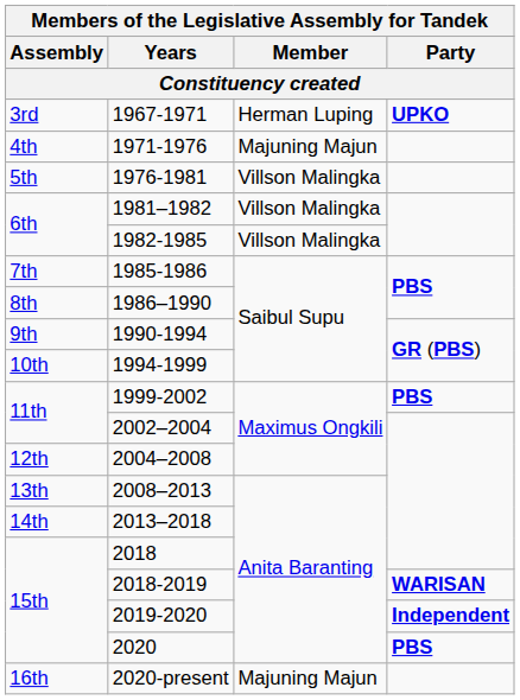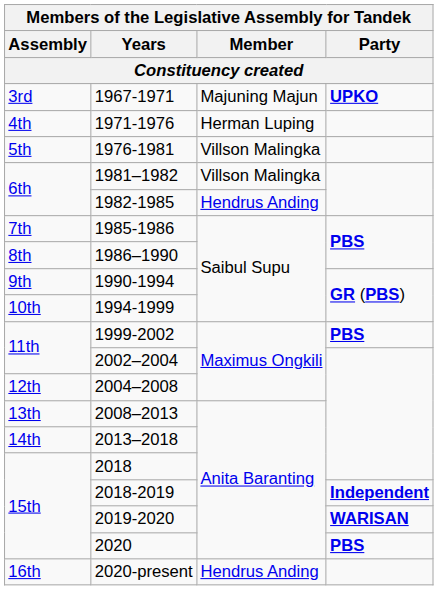 <table class="wikitable">
 <tr>
 <th colspan="4">Members of the Legislative Assembly for Tandek</th>
 </tr>
 <tr>
 <th>Assembly</th>
 <th>Years</th>
 <th>Member</th>
 <th>Party</th>
 </tr>
 <tr>
 <th colspan="4" align="center"><em>Constituency created</em></th>
 </tr>
 <tr>
 <td><a href='#'>3rd</a></td>
 <td>1967-1971</td>
-<td>Herman Luping</td>
+<td>Majuning Majun</td>
 <td><strong><a href='#'>UPKO</a></strong></td>
 </tr>
 <tr>
 <td><a href='#'>4th</a></td>
 <td>1971-1976</td>
-<td>Majuning Majun</td>
+<td>Herman Luping</td>
 <td></td>
 </tr>
 <tr>
 <td><a href='#'>5th</a></td>
 <td>1976-1981</td>
 <td>Villson Malingka</td>
 <td></td>
 </tr>
 <tr>
 <td rowspan="2"><a href='#'>6th</a></td>
 <td>1981–1982</td>
 <td>Villson Malingka</td>
 <td rowspan="2"></td>
 </tr>
 <tr>
 <td>1982-1985</td>
-<td>Villson Malingka</td>
+<td><a href='#'>Hendrus Anding</a></td>
 </tr>
 <tr>
 <td><a href='#'>7th</a></td>
 <td>1985-1986</td>
 <td rowspan="4">Saibul Supu</td>
 <td rowspan="2"><strong><a href='#'>PBS</a></strong></td>
 </tr>
 <tr>
 <td><a href='#'>8th</a></td>
 <td>1986–1990</td>
 </tr>
 <tr>
 <td><a href='#'>9th</a></td>
 <td>1990-1994</td>
 <td rowspan="2"><strong><a href='#'>GR</a></strong> (<strong><a href='#'>PBS</a></strong>)</td>
 </tr>
 <tr>
 <td><a href='#'>10th</a></td>
 <td>1994-1999</td>
 </tr>
 <tr>
 <td rowspan=2><a href='#'>11th</a></td>
 <td>1999-2002</td>
 <td rowspan="3"><a href='#'>Maximus Ongkili</a></td>
 <td><strong><a href='#'>PBS</a></strong></td>
 </tr>
 <tr>
 <td>2002–2004</td>
 <td rowspan="5"></td>
 </tr>
 <tr>
 <td><a href='#'>12th</a></td>
 <td>2004–2008</td>
 </tr>
 <tr>
 <td><a href='#'>13th</a></td>
 <td>2008–2013</td>
 <td rowspan="6"><a href='#'>Anita Baranting</a></td>
 </tr>
 <tr>
 <td><a href='#'>14th</a></td>
 <td>2013–2018</td>
 </tr>
 <tr>
 <td rowspan="4"><a href='#'>15th</a></td>
 <td>2018</td>
 </tr>
 <tr>
 <td>2018-2019</td>
-<td><strong><a href='#'>WARISAN</a></strong></td>
+<td><strong><a href='#'>Independent</a></strong></td>
 </tr>
 <tr>
 <td>2019-2020</td>
-<td><strong><a href='#'>Independent</a></strong></td>
+<td><strong><a href='#'>WARISAN</a></strong></td>
 </tr>
 <tr>
 <td>2020</td>
 <td><strong><a href='#'>PBS</a></strong></td>
 </tr>
 <tr>
 <td><a href='#'>16th</a></td>
 <td>2020-present</td>
-<td>Majuning Majun</td>
+<td><a href='#'>Hendrus Anding</a></td>
 <td></td>
 </tr>
 </table>
